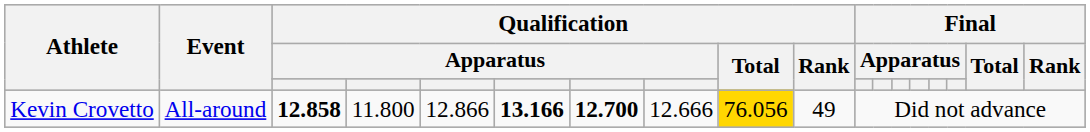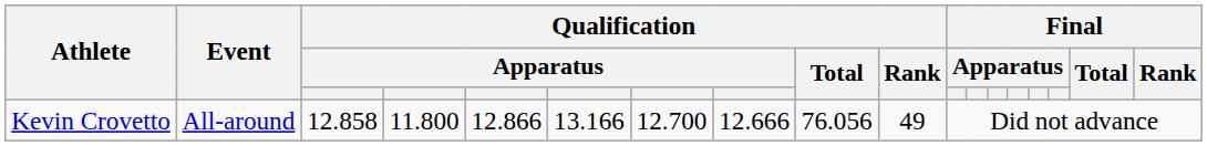 <table class="wikitable" style="font-size:90%">
 <tr>
 <th rowspan=3>Athlete</th>
 <th rowspan=3>Event</th>
 <th colspan =8>Qualification</th>
 <th colspan =8>Final</th>
 </tr>
 <tr style="font-size:95%">
 <th colspan=6>Apparatus</th>
 <th rowspan=2>Total</th>
 <th rowspan=2>Rank</th>
 <th colspan=6>Apparatus</th>
 <th rowspan=2>Total</th>
 <th rowspan=2>Rank</th>
 </tr>
 <tr style="font-size:95%">
 <th></th>
 <th></th>
 <th></th>
 <th></th>
 <th></th>
 <th></th>
 <th></th>
 <th></th>
 <th></th>
 <th></th>
 <th></th>
 <th></th>
 </tr>
 <tr align=center>
 <td align=left><a href='#'>Kevin Crovetto</a></td>
 <td align=left><a href='#'>All-around</a></td>
-<td><strong>12.858</strong></td>
+<td>12.858</td>
 <td>11.800</td>
 <td>12.866</td>
-<td><strong>13.166</strong></td>
-<td><strong>12.700</strong></td>
+<td>13.166</td>
+<td>12.700</td>
 <td>12.666</td>
-<td style="background: gold;">76.056</td>
+<td>76.056</td>
 <td>49</td>
 <td colspan=8>Did not advance</td>
 </tr>
 </table>
